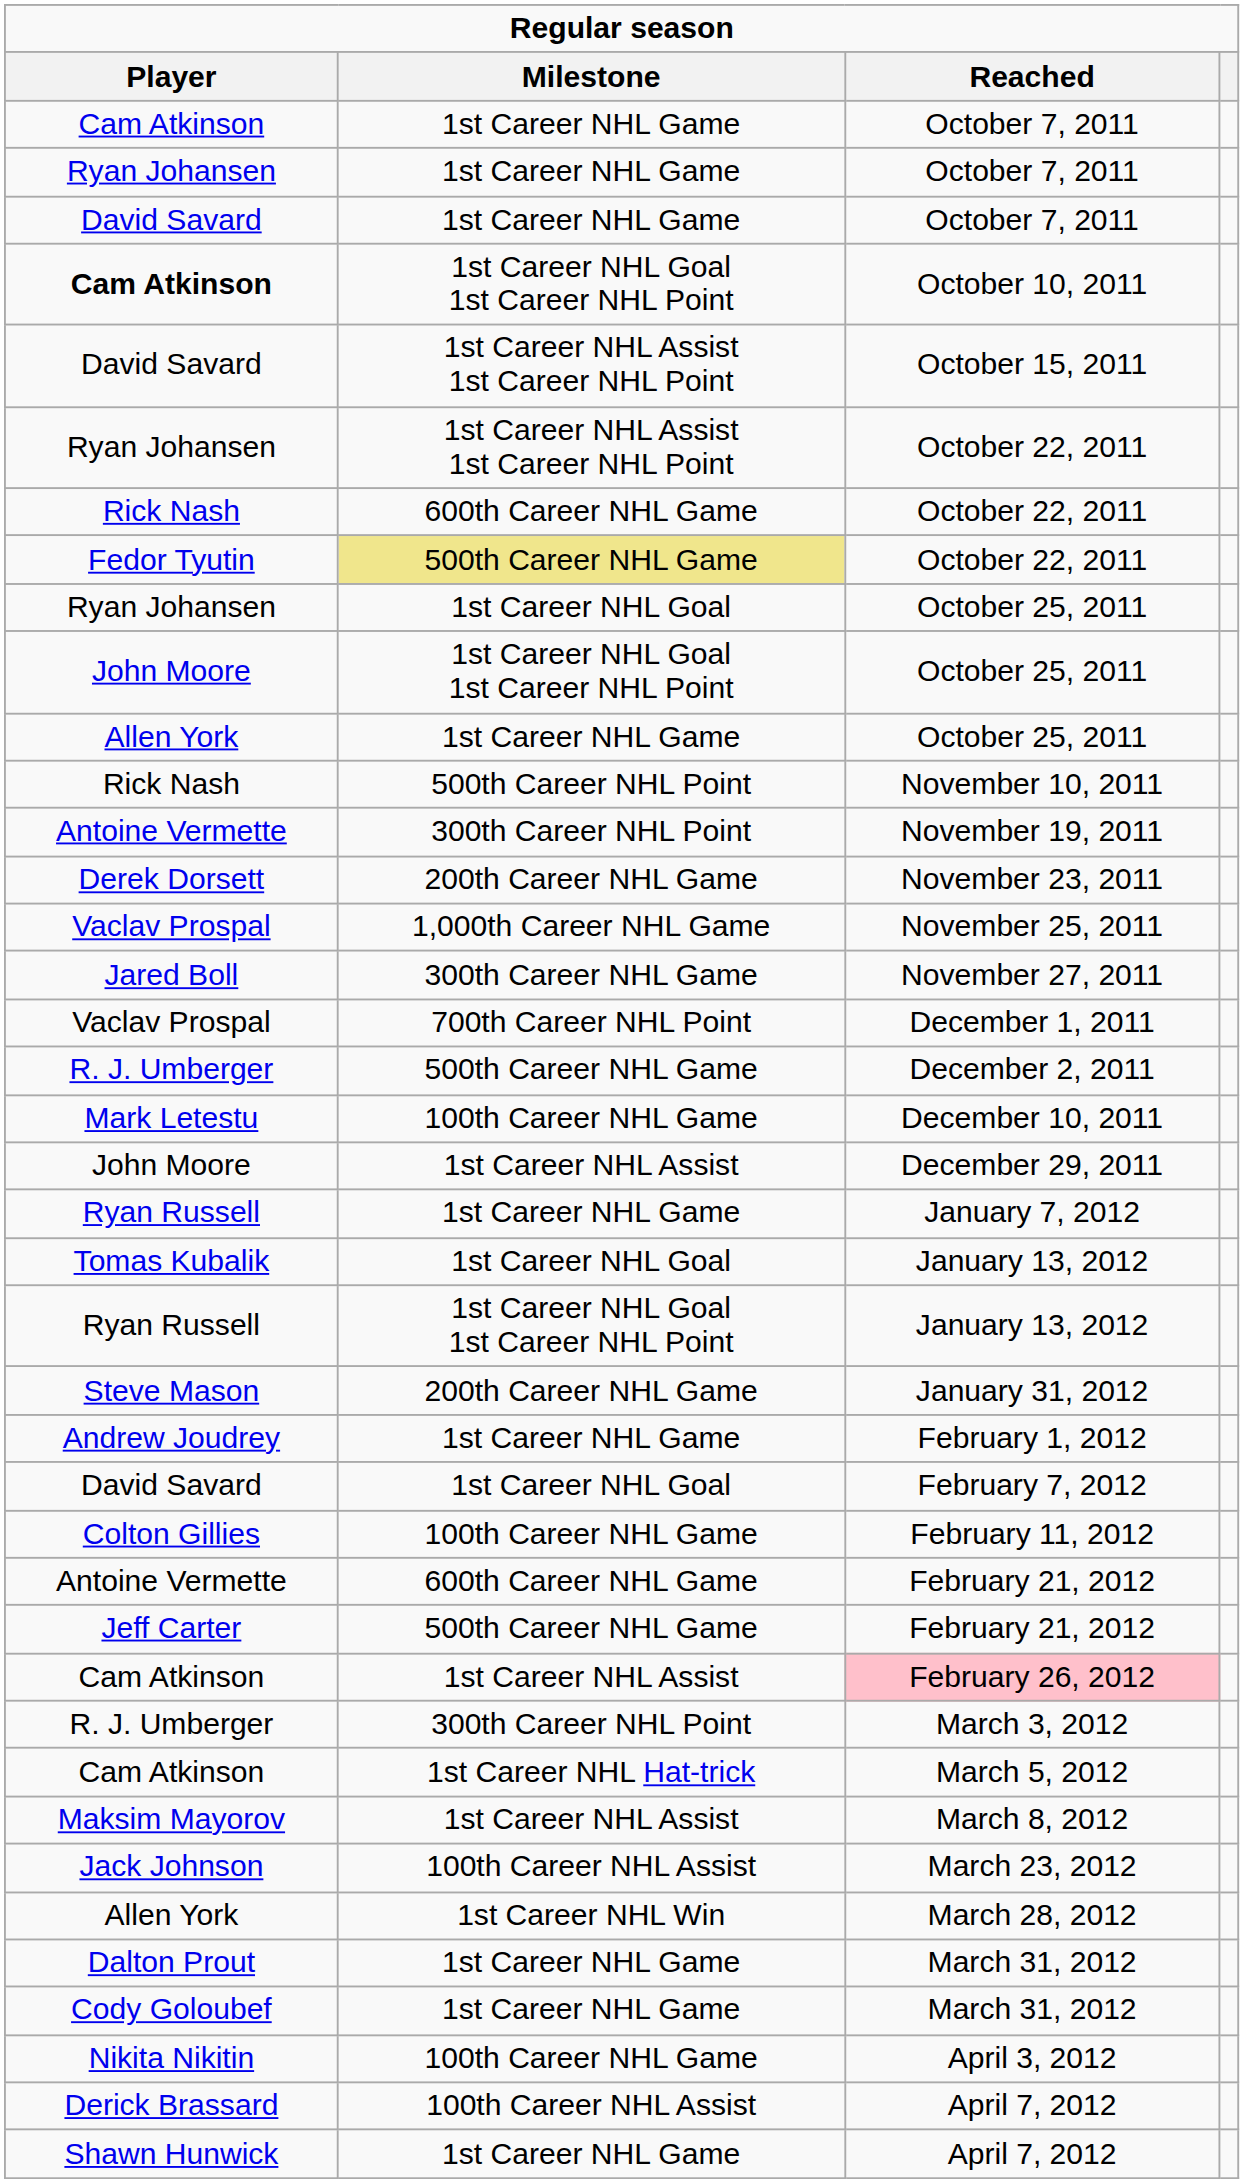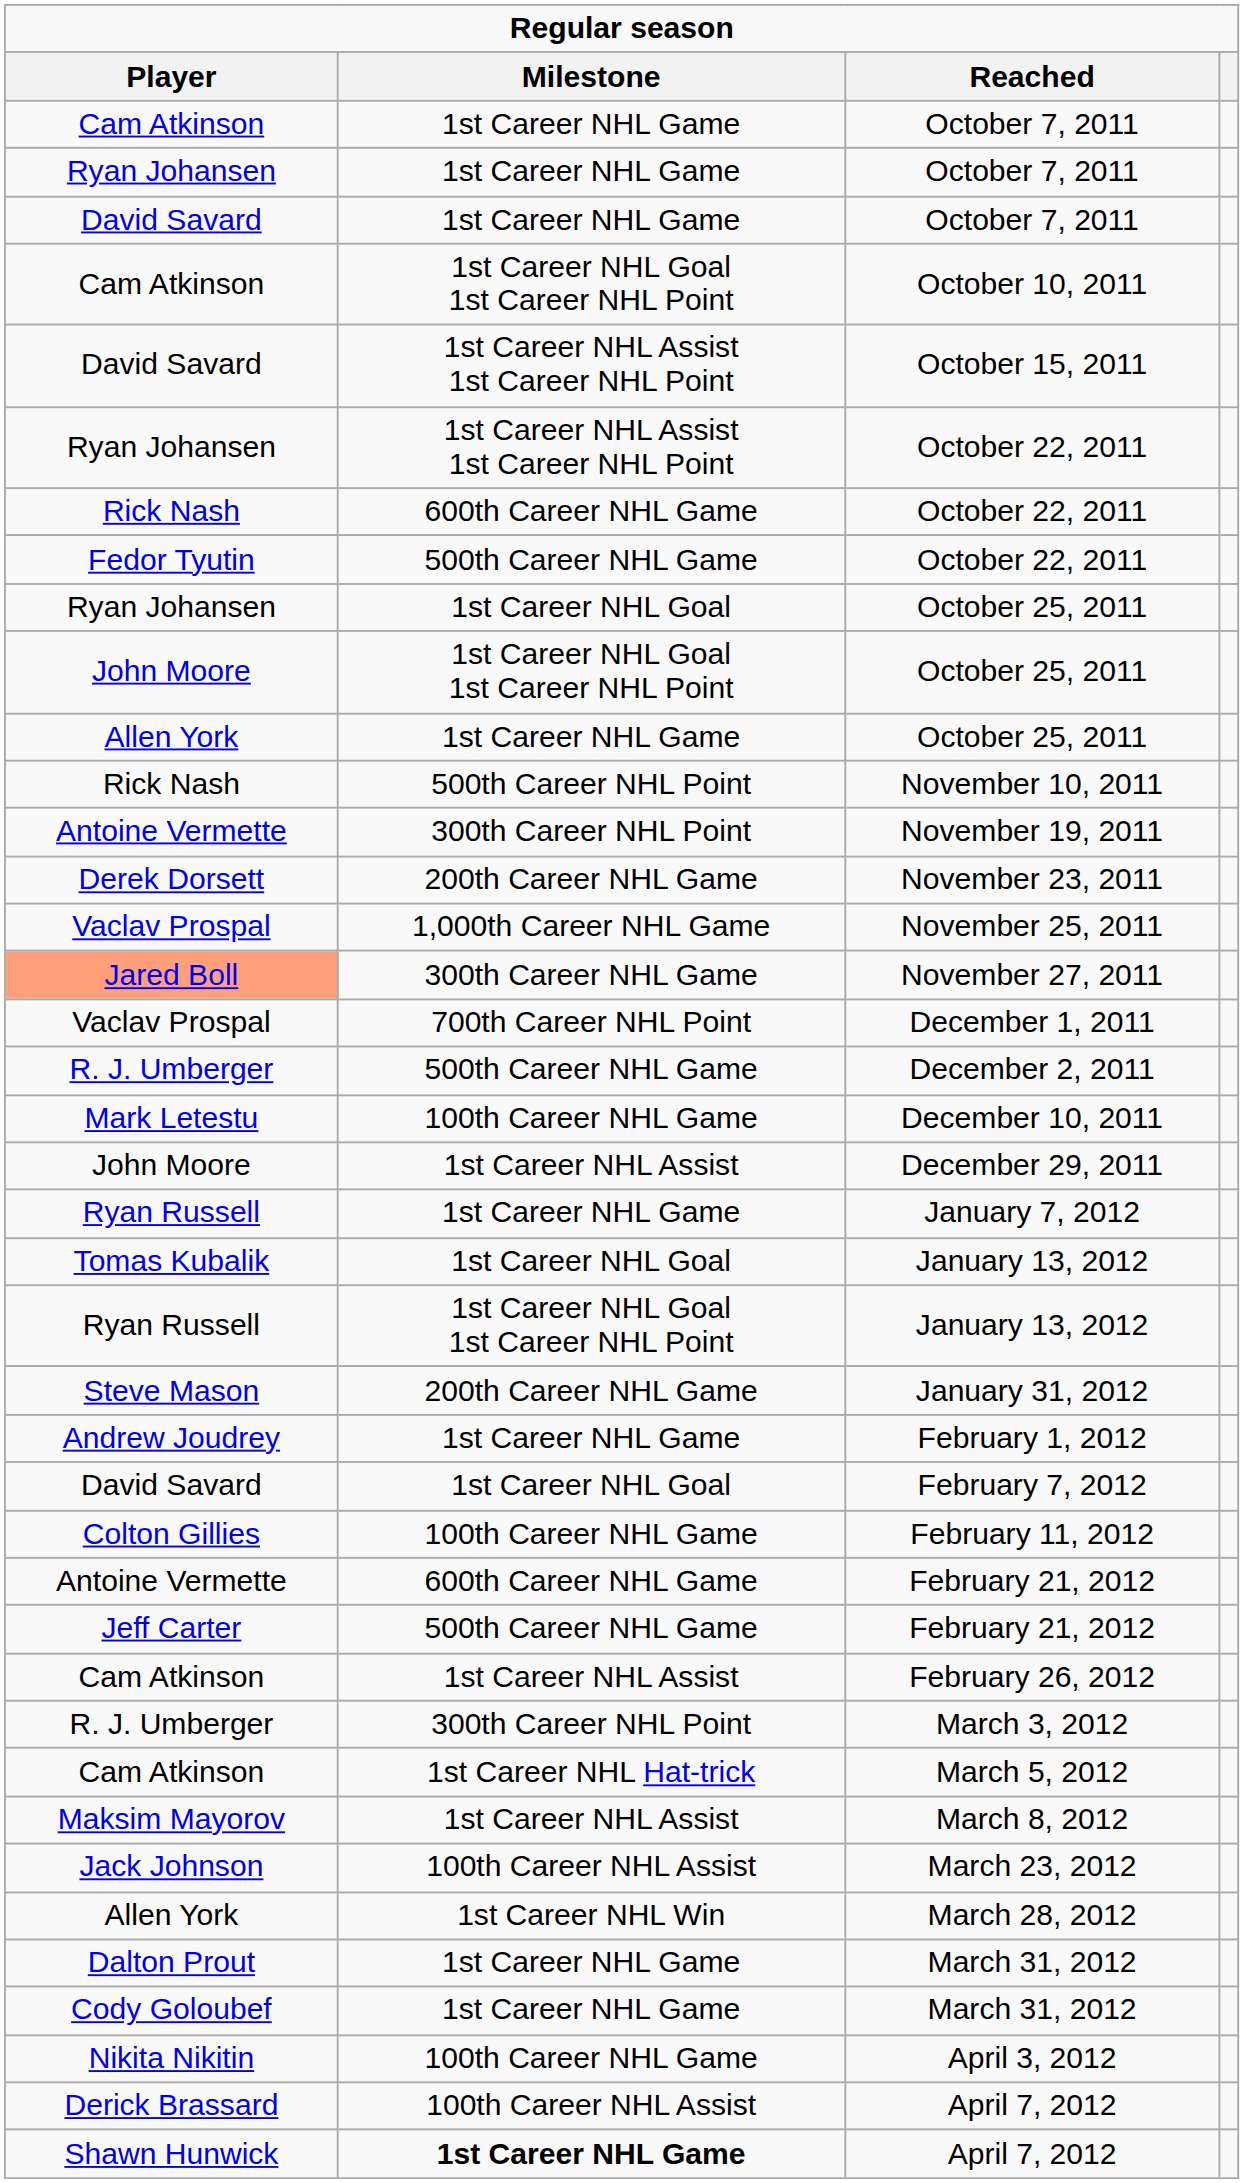 <table class="wikitable" style="width:52%;">
 <tr>
 <td colspan="11" style="text-align:center;"><strong>Regular season</strong></td>
 </tr>
 <tr>
 <th>Player</th>
 <th>Milestone</th>
 <th>Reached</th>
 <th></th>
 </tr>
 <tr align=center>
 <td><a href='#'>Cam Atkinson</a></td>
 <td>1st Career NHL Game</td>
 <td>October 7, 2011</td>
 <td></td>
 </tr>
 <tr align=center>
 <td><a href='#'>Ryan Johansen</a></td>
 <td>1st Career NHL Game</td>
 <td>October 7, 2011</td>
 <td></td>
 </tr>
 <tr align=center>
 <td><a href='#'>David Savard</a></td>
 <td>1st Career NHL Game</td>
 <td>October 7, 2011</td>
 <td></td>
 </tr>
 <tr align=center>
-<td><strong>Cam Atkinson</strong></td>
+<td>Cam Atkinson</td>
 <td>1st Career NHL Goal<br>1st Career NHL Point</td>
 <td>October 10, 2011</td>
 <td></td>
 </tr>
 <tr align=center>
 <td>David Savard</td>
 <td>1st Career NHL Assist<br>1st Career NHL Point</td>
 <td>October 15, 2011</td>
 <td></td>
 </tr>
 <tr align=center>
 <td>Ryan Johansen</td>
 <td>1st Career NHL Assist<br>1st Career NHL Point</td>
 <td>October 22, 2011</td>
 <td></td>
 </tr>
 <tr align=center>
 <td><a href='#'>Rick Nash</a></td>
 <td>600th Career NHL Game</td>
 <td>October 22, 2011</td>
 <td></td>
 </tr>
 <tr align=center>
 <td><a href='#'>Fedor Tyutin</a></td>
-<td style="background: khaki;">500th Career NHL Game</td>
+<td>500th Career NHL Game</td>
 <td>October 22, 2011</td>
 <td></td>
 </tr>
 <tr align=center>
 <td>Ryan Johansen</td>
 <td>1st Career NHL Goal</td>
 <td>October 25, 2011</td>
 <td></td>
 </tr>
 <tr align=center>
 <td><a href='#'>John Moore</a></td>
 <td>1st Career NHL Goal<br>1st Career NHL Point</td>
 <td>October 25, 2011</td>
 <td></td>
 </tr>
 <tr align=center>
 <td><a href='#'>Allen York</a></td>
 <td>1st Career NHL Game</td>
 <td>October 25, 2011</td>
 <td></td>
 </tr>
 <tr align=center>
 <td>Rick Nash</td>
 <td>500th Career NHL Point</td>
 <td>November 10, 2011</td>
 <td></td>
 </tr>
 <tr align=center>
 <td><a href='#'>Antoine Vermette</a></td>
 <td>300th Career NHL Point</td>
 <td>November 19, 2011</td>
 <td></td>
 </tr>
 <tr align=center>
 <td><a href='#'>Derek Dorsett</a></td>
 <td>200th Career NHL Game</td>
 <td>November 23, 2011</td>
 <td></td>
 </tr>
 <tr align=center>
 <td><a href='#'>Vaclav Prospal</a></td>
 <td>1,000th Career NHL Game</td>
 <td>November 25, 2011</td>
 <td></td>
 </tr>
 <tr align=center>
-<td><a href='#'>Jared Boll</a></td>
+<td style="background: lightsalmon;"><a href='#'>Jared Boll</a></td>
 <td>300th Career NHL Game</td>
 <td>November 27, 2011</td>
 <td></td>
 </tr>
 <tr align=center>
 <td>Vaclav Prospal</td>
 <td>700th Career NHL Point</td>
 <td>December 1, 2011</td>
 <td></td>
 </tr>
 <tr align=center>
 <td><a href='#'>R. J. Umberger</a></td>
 <td>500th Career NHL Game</td>
 <td>December 2, 2011</td>
 <td></td>
 </tr>
 <tr align=center>
 <td><a href='#'>Mark Letestu</a></td>
 <td>100th Career NHL Game</td>
 <td>December 10, 2011</td>
 <td></td>
 </tr>
 <tr align=center>
 <td>John Moore</td>
 <td>1st Career NHL Assist</td>
 <td>December 29, 2011</td>
 <td></td>
 </tr>
 <tr align=center>
 <td><a href='#'>Ryan Russell</a></td>
 <td>1st Career NHL Game</td>
 <td>January 7, 2012</td>
 <td></td>
 </tr>
 <tr align=center>
 <td><a href='#'>Tomas Kubalik</a></td>
 <td>1st Career NHL Goal</td>
 <td>January 13, 2012</td>
 <td></td>
 </tr>
 <tr align=center>
 <td>Ryan Russell</td>
 <td>1st Career NHL Goal<br>1st Career NHL Point</td>
 <td>January 13, 2012</td>
 <td></td>
 </tr>
 <tr align=center>
 <td><a href='#'>Steve Mason</a></td>
 <td>200th Career NHL Game</td>
 <td>January 31, 2012</td>
 <td></td>
 </tr>
 <tr align=center>
 <td><a href='#'>Andrew Joudrey</a></td>
 <td>1st Career NHL Game</td>
 <td>February 1, 2012</td>
 <td></td>
 </tr>
 <tr align=center>
 <td>David Savard</td>
 <td>1st Career NHL Goal</td>
 <td>February 7, 2012</td>
 <td></td>
 </tr>
 <tr align=center>
 <td><a href='#'>Colton Gillies</a></td>
 <td>100th Career NHL Game</td>
 <td>February 11, 2012</td>
 <td></td>
 </tr>
 <tr align=center>
 <td>Antoine Vermette</td>
 <td>600th Career NHL Game</td>
 <td>February 21, 2012</td>
 <td></td>
 </tr>
 <tr align=center>
 <td><a href='#'>Jeff Carter</a></td>
 <td>500th Career NHL Game</td>
 <td>February 21, 2012</td>
 <td></td>
 </tr>
 <tr align=center>
 <td>Cam Atkinson</td>
 <td>1st Career NHL Assist</td>
-<td style="background: pink;">February 26, 2012</td>
+<td>February 26, 2012</td>
 <td></td>
 </tr>
 <tr align=center>
 <td>R. J. Umberger</td>
 <td>300th Career NHL Point</td>
 <td>March 3, 2012</td>
 <td></td>
 </tr>
 <tr align=center>
 <td>Cam Atkinson</td>
 <td>1st Career NHL <a href='#'>Hat-trick</a></td>
 <td>March 5, 2012</td>
 <td></td>
 </tr>
 <tr align=center>
 <td><a href='#'>Maksim Mayorov</a></td>
 <td>1st Career NHL Assist</td>
 <td>March 8, 2012</td>
 <td></td>
 </tr>
 <tr align=center>
 <td><a href='#'>Jack Johnson</a></td>
 <td>100th Career NHL Assist</td>
 <td>March 23, 2012</td>
 <td></td>
 </tr>
 <tr align=center>
 <td>Allen York</td>
 <td>1st Career NHL Win</td>
 <td>March 28, 2012</td>
 <td></td>
 </tr>
 <tr align=center>
 <td><a href='#'>Dalton Prout</a></td>
 <td>1st Career NHL Game</td>
 <td>March 31, 2012</td>
 <td></td>
 </tr>
 <tr align=center>
 <td><a href='#'>Cody Goloubef</a></td>
 <td>1st Career NHL Game</td>
 <td>March 31, 2012</td>
 <td></td>
 </tr>
 <tr align=center>
 <td><a href='#'>Nikita Nikitin</a></td>
 <td>100th Career NHL Game</td>
 <td>April 3, 2012</td>
 <td></td>
 </tr>
 <tr align=center>
 <td><a href='#'>Derick Brassard</a></td>
 <td>100th Career NHL Assist</td>
 <td>April 7, 2012</td>
 <td></td>
 </tr>
 <tr align=center>
 <td><a href='#'>Shawn Hunwick</a></td>
-<td>1st Career NHL Game</td>
+<td><strong>1st Career NHL Game</strong></td>
 <td>April 7, 2012</td>
 <td></td>
 </tr>
 </table>
